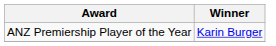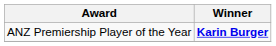 <table class="wikitable collapsible">
 <tr>
 <th>Award</th>
 <th>Winner</th>
 </tr>
 <tr>
 <td>ANZ Premiership Player of the Year</td>
-<td><a href='#'>Karin Burger</a></td>
+<td><strong><a href='#'>Karin Burger</a></strong></td>
 </tr>
 <tr>
 </tr>
 </table>
